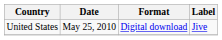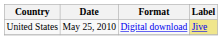 <table class="wikitable">
 <tr>
 <th>Country</th>
 <th>Date</th>
 <th>Format</th>
 <th>Label</th>
 </tr>
 <tr>
 <td>United States</td>
 <td rowspan="1">May 25, 2010</td>
 <td rowspan="1"><a href='#'>Digital download</a></td>
-<td rowspan="1"><a href='#'>Jive</a></td>
+<td rowspan="1" style="background: khaki;"><a href='#'>Jive</a></td>
 </tr>
 <tr>
 </tr>
 </table>
